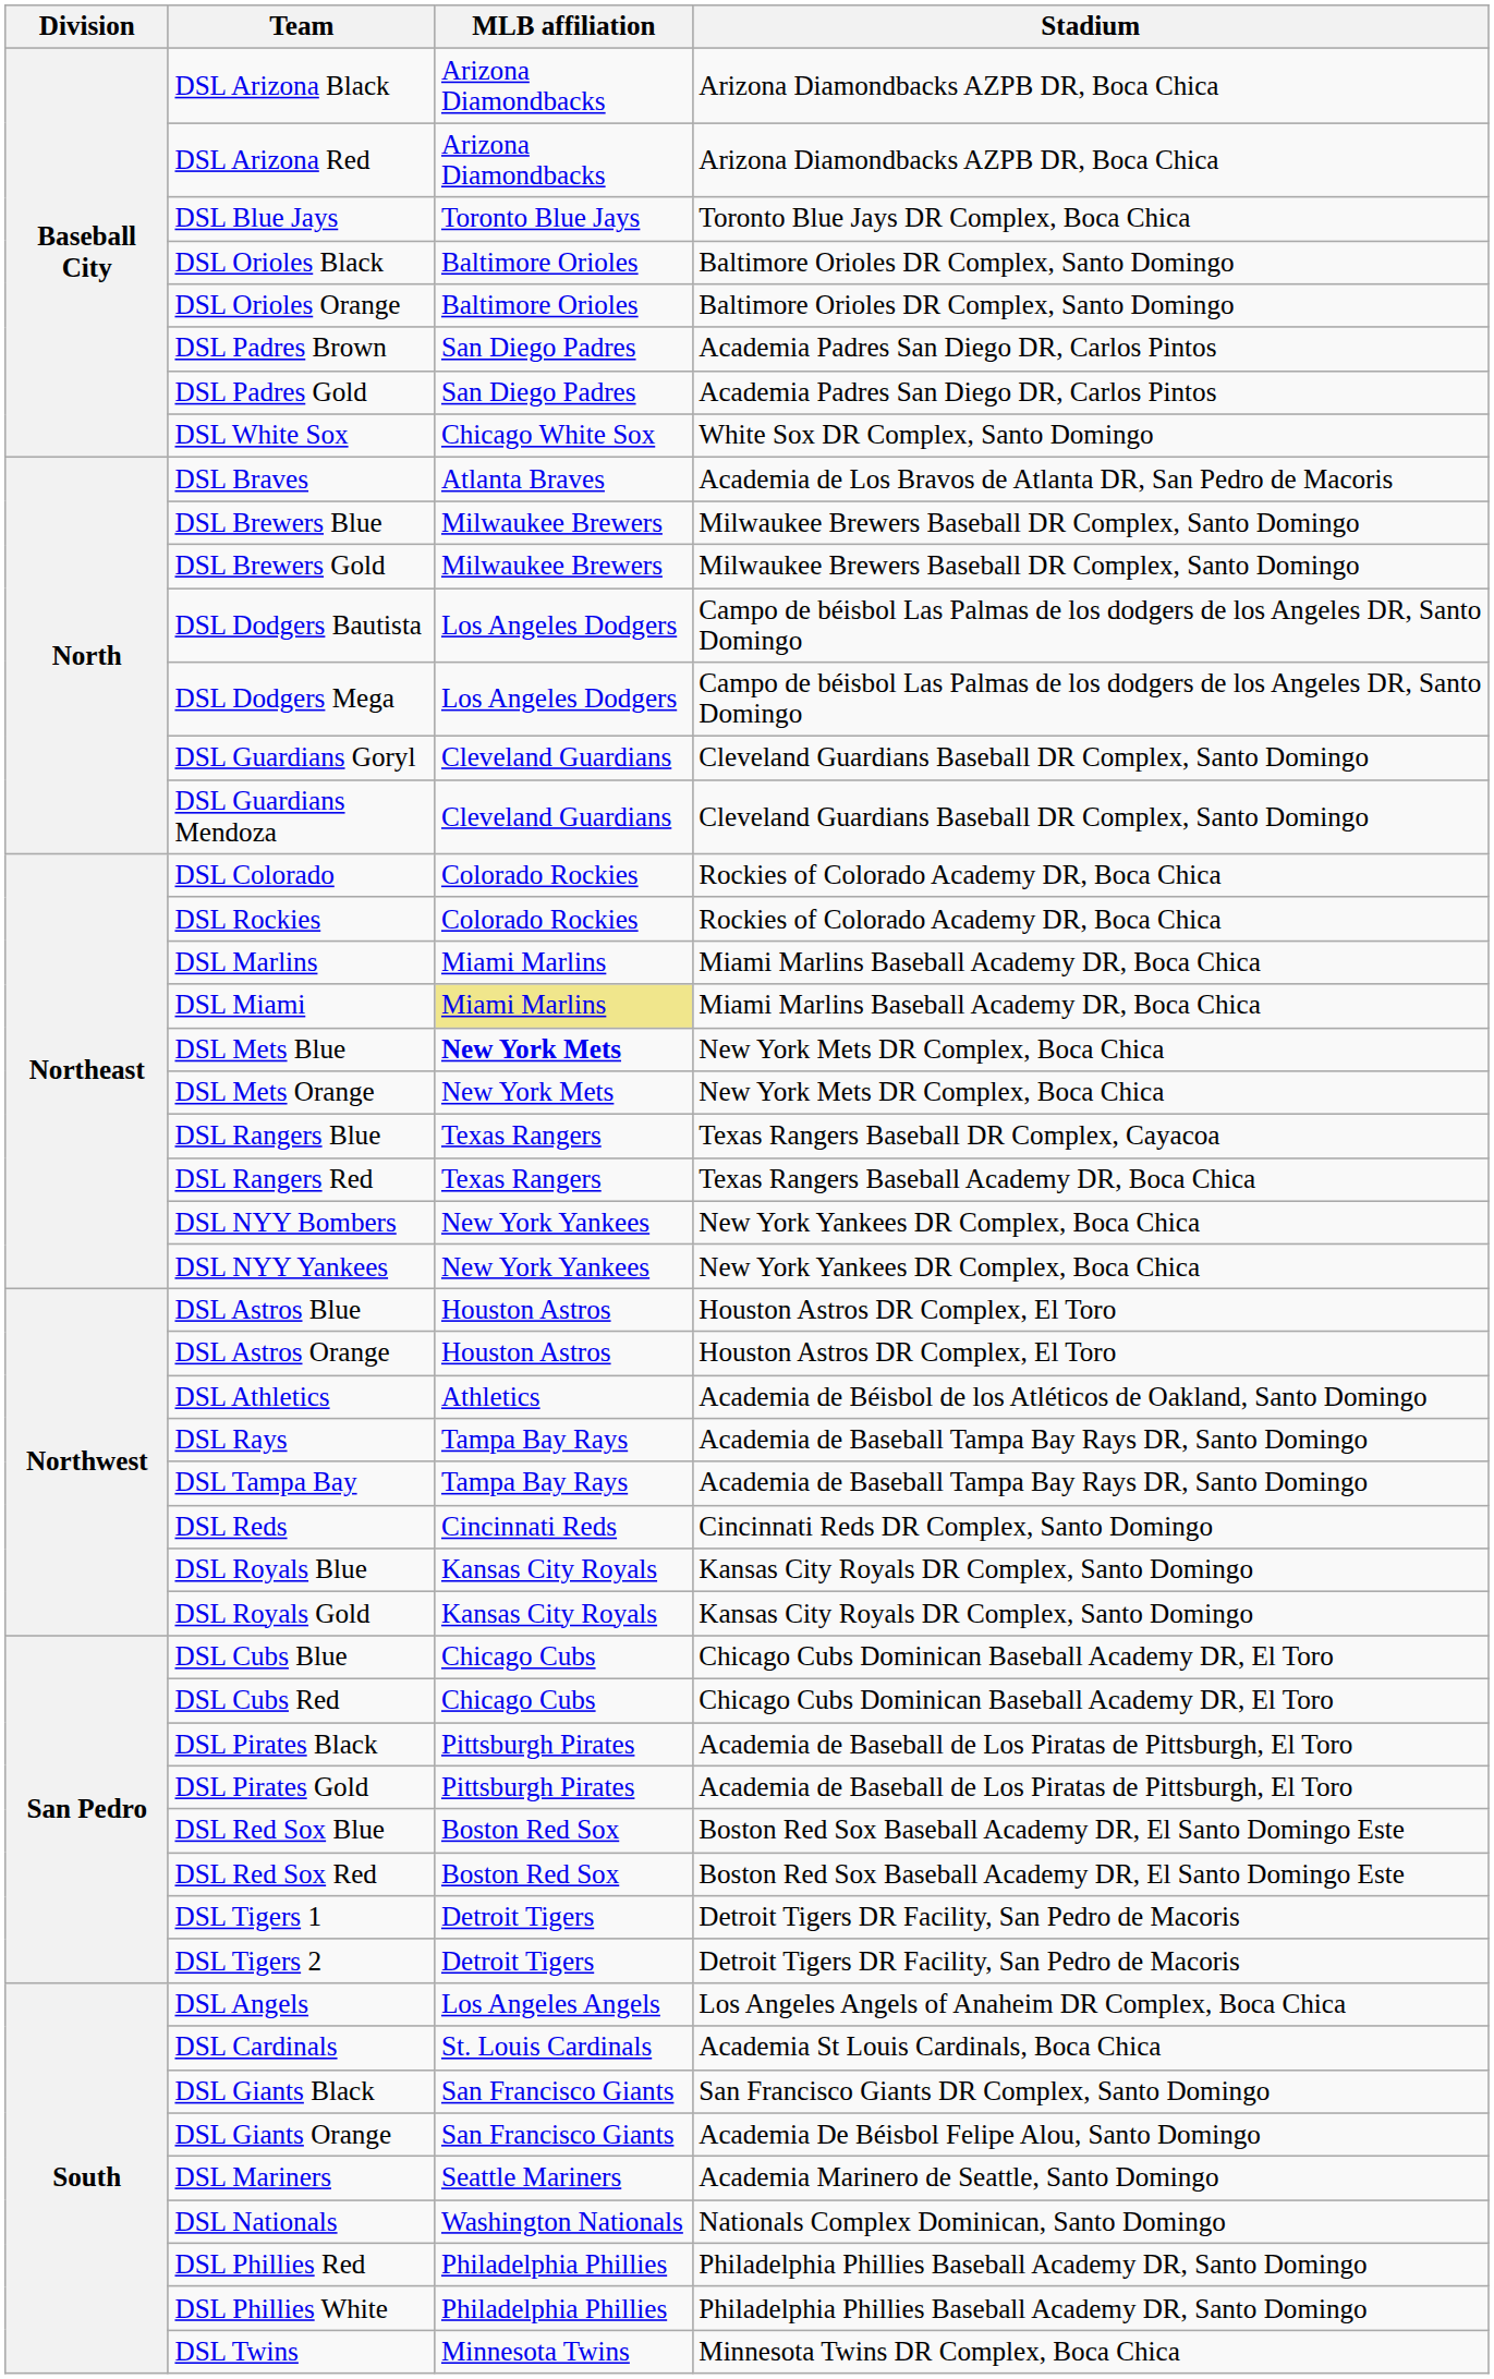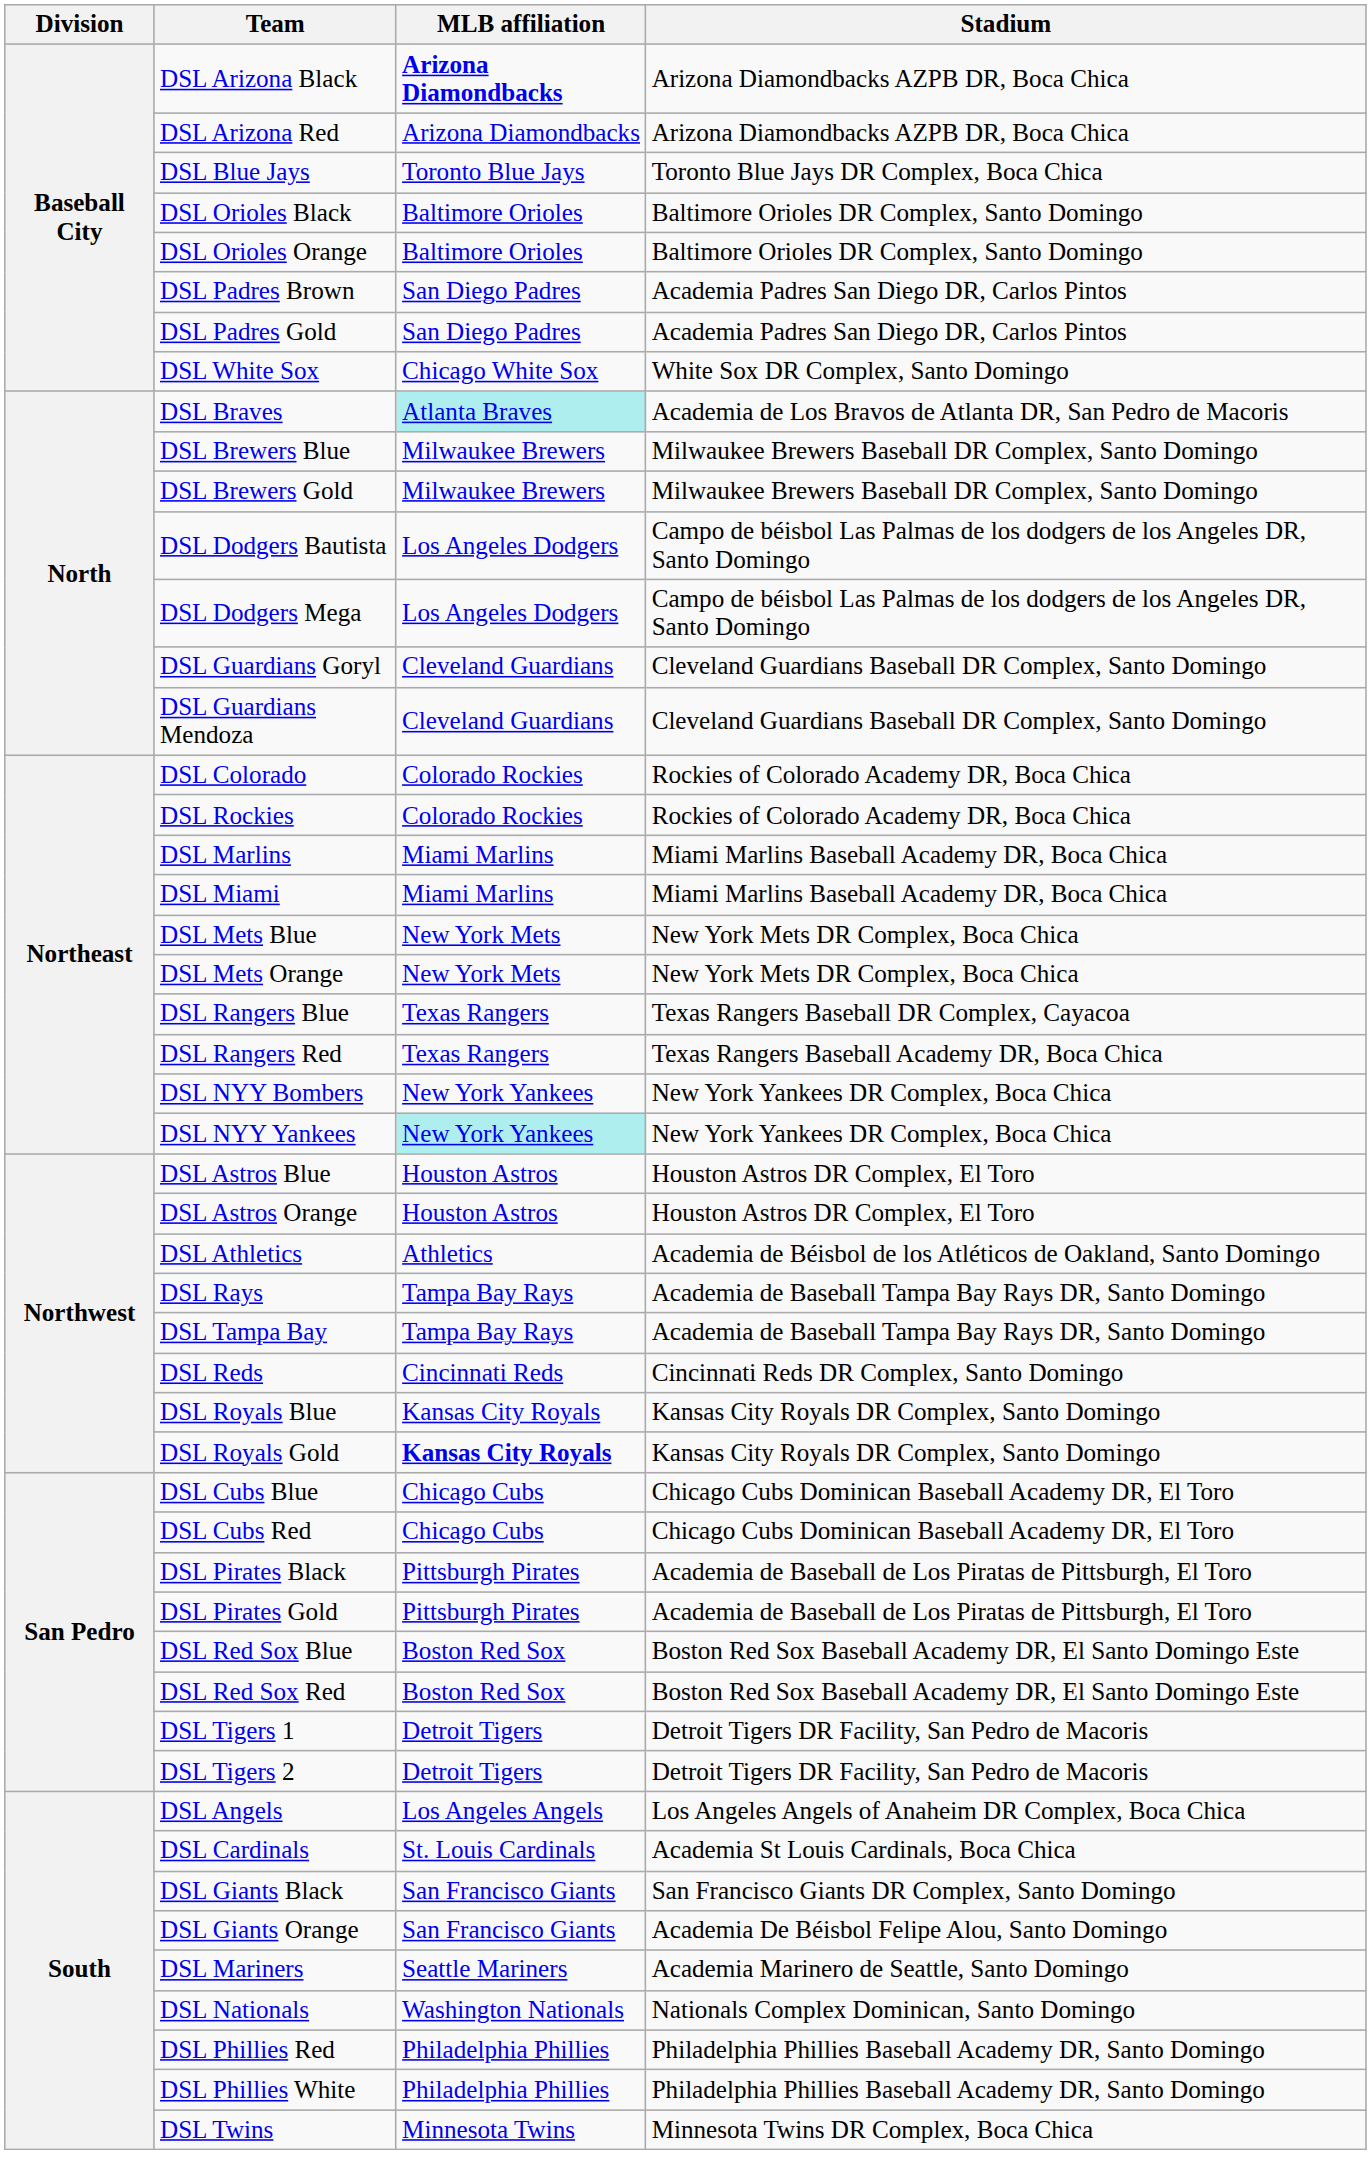 <table class="wikitable">
 <tr>
 <th>Division</th>
 <th>Team</th>
 <th>MLB affiliation</th>
 <th>Stadium</th>
 </tr>
 <tr>
 <th rowspan="8">Baseball City</th>
 <td><a href='#'>DSL Arizona</a> Black</td>
-<td><a href='#'>Arizona Diamondbacks</a></td>
+<td><strong><a href='#'>Arizona Diamondbacks</a></strong></td>
 <td>Arizona Diamondbacks AZPB DR, Boca Chica</td>
 </tr>
 <tr>
 <td><a href='#'>DSL Arizona</a> Red</td>
 <td><a href='#'>Arizona Diamondbacks</a></td>
 <td>Arizona Diamondbacks AZPB DR, Boca Chica</td>
 </tr>
 <tr>
 <td><a href='#'>DSL Blue Jays</a></td>
 <td><a href='#'>Toronto Blue Jays</a></td>
 <td>Toronto Blue Jays DR Complex, Boca Chica</td>
 </tr>
 <tr>
 <td><a href='#'>DSL Orioles</a> Black</td>
 <td><a href='#'>Baltimore Orioles</a></td>
 <td>Baltimore Orioles DR Complex, Santo Domingo</td>
 </tr>
 <tr>
 <td><a href='#'>DSL Orioles</a> Orange</td>
 <td><a href='#'>Baltimore Orioles</a></td>
 <td>Baltimore Orioles DR Complex, Santo Domingo</td>
 </tr>
 <tr>
 <td><a href='#'>DSL Padres</a> Brown</td>
 <td><a href='#'>San Diego Padres</a></td>
 <td>Academia Padres San Diego DR, Carlos Pintos</td>
 </tr>
 <tr>
 <td><a href='#'>DSL Padres</a> Gold</td>
 <td><a href='#'>San Diego Padres</a></td>
 <td>Academia Padres San Diego DR, Carlos Pintos</td>
 </tr>
 <tr>
 <td><a href='#'>DSL White Sox</a></td>
 <td><a href='#'>Chicago White Sox</a></td>
 <td>White Sox DR Complex, Santo Domingo</td>
 </tr>
 <tr>
 <th rowspan="7">North</th>
 <td><a href='#'>DSL Braves</a></td>
-<td><a href='#'>Atlanta Braves</a></td>
+<td style="background: paleturquoise;"><a href='#'>Atlanta Braves</a></td>
 <td>Academia de Los Bravos de Atlanta DR, San Pedro de Macoris</td>
 </tr>
 <tr>
 <td><a href='#'>DSL Brewers</a> Blue</td>
 <td><a href='#'>Milwaukee Brewers</a></td>
 <td>Milwaukee Brewers Baseball DR Complex, Santo Domingo</td>
 </tr>
 <tr>
 <td><a href='#'>DSL Brewers</a> Gold</td>
 <td><a href='#'>Milwaukee Brewers</a></td>
 <td>Milwaukee Brewers Baseball DR Complex, Santo Domingo</td>
 </tr>
 <tr>
 <td><a href='#'>DSL Dodgers</a> Bautista</td>
 <td><a href='#'>Los Angeles Dodgers</a></td>
 <td>Campo de béisbol Las Palmas de los dodgers de los Angeles DR, Santo Domingo</td>
 </tr>
 <tr>
 <td><a href='#'>DSL Dodgers</a> Mega</td>
 <td><a href='#'>Los Angeles Dodgers</a></td>
 <td>Campo de béisbol Las Palmas de los dodgers de los Angeles DR, Santo Domingo</td>
 </tr>
 <tr>
 <td><a href='#'>DSL Guardians</a> Goryl</td>
 <td><a href='#'>Cleveland Guardians</a></td>
 <td>Cleveland Guardians Baseball DR Complex, Santo Domingo</td>
 </tr>
 <tr>
 <td><a href='#'>DSL Guardians</a> Mendoza</td>
 <td><a href='#'>Cleveland Guardians</a></td>
 <td>Cleveland Guardians Baseball DR Complex, Santo Domingo</td>
 </tr>
 <tr>
 <th rowspan="10">Northeast</th>
 <td><a href='#'>DSL Colorado</a></td>
 <td><a href='#'>Colorado Rockies</a></td>
 <td>Rockies of Colorado Academy DR, Boca Chica</td>
 </tr>
 <tr>
 <td><a href='#'>DSL Rockies</a></td>
 <td><a href='#'>Colorado Rockies</a></td>
 <td>Rockies of Colorado Academy DR, Boca Chica</td>
 </tr>
 <tr>
 <td><a href='#'>DSL Marlins</a></td>
 <td><a href='#'>Miami Marlins</a></td>
 <td>Miami Marlins Baseball Academy DR, Boca Chica</td>
 </tr>
 <tr>
 <td><a href='#'>DSL Miami</a></td>
-<td style="background: khaki;"><a href='#'>Miami Marlins</a></td>
+<td><a href='#'>Miami Marlins</a></td>
 <td>Miami Marlins Baseball Academy DR, Boca Chica</td>
 </tr>
 <tr>
 <td><a href='#'>DSL Mets</a> Blue</td>
-<td><strong><a href='#'>New York Mets</a></strong></td>
+<td><a href='#'>New York Mets</a></td>
 <td>New York Mets DR Complex, Boca Chica</td>
 </tr>
 <tr>
 <td><a href='#'>DSL Mets</a> Orange</td>
 <td><a href='#'>New York Mets</a></td>
 <td>New York Mets DR Complex, Boca Chica</td>
 </tr>
 <tr>
 <td><a href='#'>DSL Rangers</a> Blue</td>
 <td><a href='#'>Texas Rangers</a></td>
 <td>Texas Rangers Baseball DR Complex, Cayacoa</td>
 </tr>
 <tr>
 <td><a href='#'>DSL Rangers</a> Red</td>
 <td><a href='#'>Texas Rangers</a></td>
 <td>Texas Rangers Baseball Academy DR, Boca Chica</td>
 </tr>
 <tr>
 <td><a href='#'>DSL NYY Bombers</a></td>
 <td><a href='#'>New York Yankees</a></td>
 <td>New York Yankees DR Complex, Boca Chica</td>
 </tr>
 <tr>
 <td><a href='#'>DSL NYY Yankees</a></td>
-<td><a href='#'>New York Yankees</a></td>
+<td style="background: paleturquoise;"><a href='#'>New York Yankees</a></td>
 <td>New York Yankees DR Complex, Boca Chica</td>
 </tr>
 <tr>
 <th rowspan="8">Northwest</th>
 <td><a href='#'>DSL Astros</a> Blue</td>
 <td><a href='#'>Houston Astros</a></td>
 <td>Houston Astros DR Complex, El Toro</td>
 </tr>
 <tr>
 <td><a href='#'>DSL Astros</a> Orange</td>
 <td><a href='#'>Houston Astros</a></td>
 <td>Houston Astros DR Complex, El Toro</td>
 </tr>
 <tr>
 <td><a href='#'>DSL Athletics</a></td>
 <td><a href='#'>Athletics</a></td>
 <td>Academia de Béisbol de los Atléticos de Oakland, Santo Domingo</td>
 </tr>
 <tr>
 <td><a href='#'>DSL Rays</a></td>
 <td><a href='#'>Tampa Bay Rays</a></td>
 <td>Academia de Baseball Tampa Bay Rays DR, Santo Domingo</td>
 </tr>
 <tr>
 <td><a href='#'>DSL Tampa Bay</a></td>
 <td><a href='#'>Tampa Bay Rays</a></td>
 <td>Academia de Baseball Tampa Bay Rays DR, Santo Domingo</td>
 </tr>
 <tr>
 <td><a href='#'>DSL Reds</a></td>
 <td><a href='#'>Cincinnati Reds</a></td>
 <td>Cincinnati Reds DR Complex, Santo Domingo</td>
 </tr>
 <tr>
 <td><a href='#'>DSL Royals</a> Blue</td>
 <td><a href='#'>Kansas City Royals</a></td>
 <td>Kansas City Royals DR Complex, Santo Domingo</td>
 </tr>
 <tr>
 <td><a href='#'>DSL Royals</a> Gold</td>
-<td><a href='#'>Kansas City Royals</a></td>
+<td><strong><a href='#'>Kansas City Royals</a></strong></td>
 <td>Kansas City Royals DR Complex, Santo Domingo</td>
 </tr>
 <tr>
 <th rowspan="8">San Pedro</th>
 <td><a href='#'>DSL Cubs</a> Blue</td>
 <td><a href='#'>Chicago Cubs</a></td>
 <td>Chicago Cubs Dominican Baseball Academy DR, El Toro</td>
 </tr>
 <tr>
 <td><a href='#'>DSL Cubs</a> Red</td>
 <td><a href='#'>Chicago Cubs</a></td>
 <td>Chicago Cubs Dominican Baseball Academy DR, El Toro</td>
 </tr>
 <tr>
 <td><a href='#'>DSL Pirates</a> Black</td>
 <td><a href='#'>Pittsburgh Pirates</a></td>
 <td>Academia de Baseball de Los Piratas de Pittsburgh, El Toro</td>
 </tr>
 <tr>
 <td><a href='#'>DSL Pirates</a> Gold</td>
 <td><a href='#'>Pittsburgh Pirates</a></td>
 <td>Academia de Baseball de Los Piratas de Pittsburgh, El Toro</td>
 </tr>
 <tr>
 <td><a href='#'>DSL Red Sox</a> Blue</td>
 <td><a href='#'>Boston Red Sox</a></td>
 <td>Boston Red Sox Baseball Academy DR, El Santo Domingo Este</td>
 </tr>
 <tr>
 <td><a href='#'>DSL Red Sox</a> Red</td>
 <td><a href='#'>Boston Red Sox</a></td>
 <td>Boston Red Sox Baseball Academy DR, El Santo Domingo Este</td>
 </tr>
 <tr>
 <td><a href='#'>DSL Tigers</a> 1</td>
 <td><a href='#'>Detroit Tigers</a></td>
 <td>Detroit Tigers DR Facility, San Pedro de Macoris</td>
 </tr>
 <tr>
 <td><a href='#'>DSL Tigers</a> 2</td>
 <td><a href='#'>Detroit Tigers</a></td>
 <td>Detroit Tigers DR Facility, San Pedro de Macoris</td>
 </tr>
 <tr>
 <th rowspan="9">South</th>
 <td><a href='#'>DSL Angels</a></td>
 <td><a href='#'>Los Angeles Angels</a></td>
 <td>Los Angeles Angels of Anaheim DR Complex, Boca Chica</td>
 </tr>
 <tr>
 <td><a href='#'>DSL Cardinals</a></td>
 <td><a href='#'>St. Louis Cardinals</a></td>
 <td>Academia St Louis Cardinals, Boca Chica</td>
 </tr>
 <tr>
 <td><a href='#'>DSL Giants</a> Black</td>
 <td><a href='#'>San Francisco Giants</a></td>
 <td>San Francisco Giants DR Complex, Santo Domingo</td>
 </tr>
 <tr>
 <td><a href='#'>DSL Giants</a> Orange</td>
 <td><a href='#'>San Francisco Giants</a></td>
 <td>Academia De Béisbol Felipe Alou, Santo Domingo</td>
 </tr>
 <tr>
 <td><a href='#'>DSL Mariners</a></td>
 <td><a href='#'>Seattle Mariners</a></td>
 <td>Academia Marinero de Seattle, Santo Domingo</td>
 </tr>
 <tr>
 <td><a href='#'>DSL Nationals</a></td>
 <td><a href='#'>Washington Nationals</a></td>
 <td>Nationals Complex Dominican, Santo Domingo</td>
 </tr>
 <tr>
 <td><a href='#'>DSL Phillies</a> Red</td>
 <td><a href='#'>Philadelphia Phillies</a></td>
 <td>Philadelphia Phillies Baseball Academy DR, Santo Domingo</td>
 </tr>
 <tr>
 <td><a href='#'>DSL Phillies</a> White</td>
 <td><a href='#'>Philadelphia Phillies</a></td>
 <td>Philadelphia Phillies Baseball Academy DR, Santo Domingo</td>
 </tr>
 <tr>
 <td><a href='#'>DSL Twins</a></td>
 <td><a href='#'>Minnesota Twins</a></td>
 <td>Minnesota Twins DR Complex, Boca Chica</td>
 </tr>
 </table>
